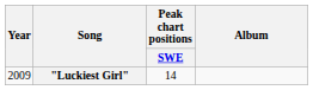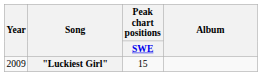 <table class="wikitable plainrowheaders" style="text-align:center;">
 <tr>
 <th scope="col" rowspan="2" width="10">Year</th>
 <th scope="col" rowspan="2" width="150">Song</th>
 <th scope="col" colspan="1">Peak chart positions</th>
 <th scope="col" rowspan="2" width="150">Album</th>
 </tr>
 <tr>
 <th scope="col" style="width:3em;font=size:90%;"><a href='#'>SWE</a><br></th>
 </tr>
 <tr>
 <td>2009</td>
 <th scope="row">"Luckiest Girl"</th>
-<td>14</td>
+<td>15</td>
 <td></td>
 </tr>
 </table>
